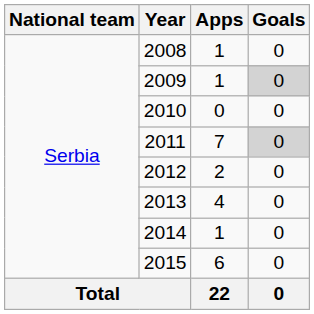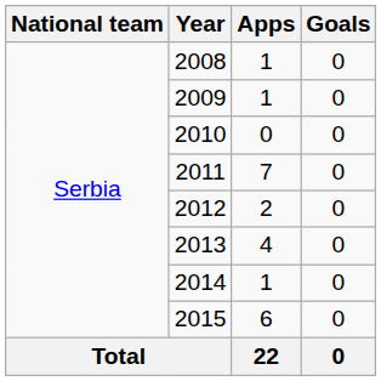 <table class="wikitable" style="text-align:center">
 <tr>
 <th>National team</th>
 <th>Year</th>
 <th>Apps</th>
 <th>Goals</th>
 </tr>
 <tr>
 <td rowspan="8"><a href='#'>Serbia</a></td>
 <td>2008</td>
 <td>1</td>
 <td>0</td>
 </tr>
 <tr>
 <td>2009</td>
 <td>1</td>
-<td style="background: lightgrey;">0</td>
+<td>0</td>
 </tr>
 <tr>
 <td>2010</td>
 <td>0</td>
 <td>0</td>
 </tr>
 <tr>
 <td>2011</td>
 <td>7</td>
-<td style="background: lightgrey;">0</td>
+<td>0</td>
 </tr>
 <tr>
 <td>2012</td>
 <td>2</td>
 <td>0</td>
 </tr>
 <tr>
 <td>2013</td>
 <td>4</td>
 <td>0</td>
 </tr>
 <tr>
 <td>2014</td>
 <td>1</td>
 <td>0</td>
 </tr>
 <tr>
 <td>2015</td>
 <td>6</td>
 <td>0</td>
 </tr>
 <tr>
 <th colspan="2">Total</th>
 <th>22</th>
 <th>0</th>
 </tr>
 </table>
